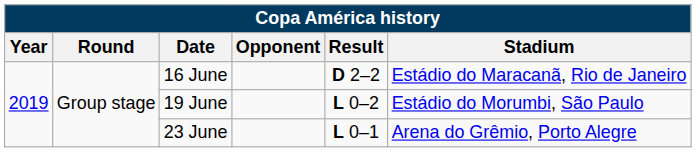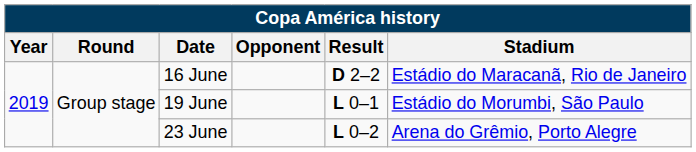 <table class="wikitable collapsible collapsed" style="text-align: center;font-size:100%;">
 <tr>
 <th colspan=6 style="background: #013A5E; color: #FFFFFF;">Copa América history</th>
 </tr>
 <tr>
 <th>Year</th>
 <th>Round</th>
 <th>Date</th>
 <th>Opponent</th>
 <th>Result</th>
 <th>Stadium</th>
 </tr>
 <tr>
 <td rowspan=3> <a href='#'>2019</a></td>
 <td rowspan=3>Group stage</td>
 <td align="left">16 June</td>
 <td align="left"></td>
 <td><strong>D</strong> 2–2</td>
 <td align="left"><a href='#'>Estádio do Maracanã</a>, <a href='#'>Rio de Janeiro</a></td>
 </tr>
 <tr>
 <td align="left">19 June</td>
 <td align="left"></td>
-<td><strong>L</strong> 0–2</td>
+<td><strong>L</strong> 0–1</td>
 <td align="left"><a href='#'>Estádio do Morumbi</a>, <a href='#'>São Paulo</a></td>
 </tr>
 <tr>
 <td align="left">23 June</td>
 <td align="left"></td>
-<td><strong>L</strong> 0–1</td>
+<td><strong>L</strong> 0–2</td>
 <td align="left"><a href='#'>Arena do Grêmio</a>, <a href='#'>Porto Alegre</a></td>
 </tr>
 </table>
